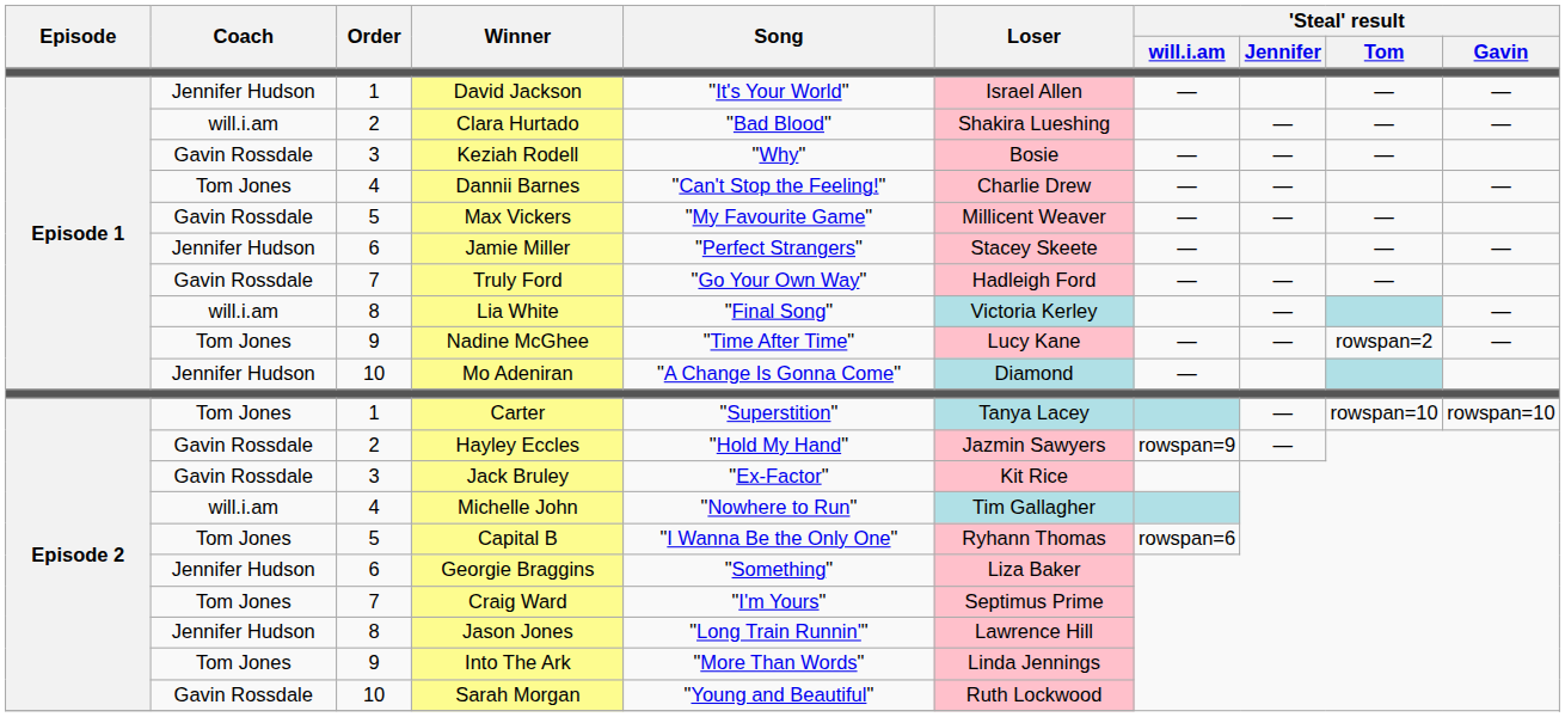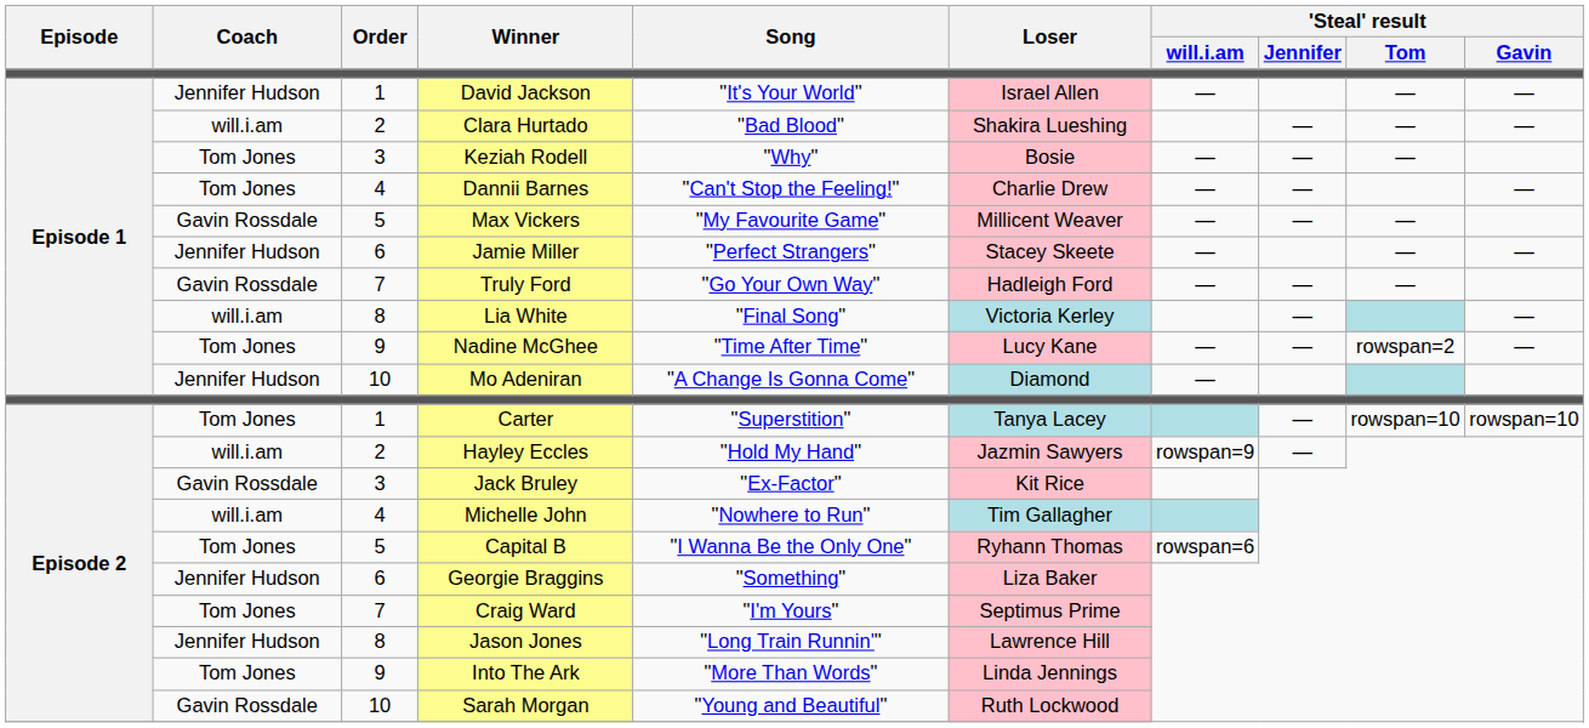 <table class="wikitable" style="text-align: center; width:100%;">
 <tr>
 <th rowspan="2" width="10%">Episode</th>
 <th rowspan="2" width="13%">Coach</th>
 <th rowspan="2" width="05%">Order</th>
 <th rowspan="2" width="15%">Winner</th>
 <th rowspan="2" width="22%">Song</th>
 <th rowspan="2" width="14%">Loser</th>
 <th colspan="4" width="20%">'Steal' result</th>
 </tr>
 <tr>
 <th style="width:05%;"><a href='#'>will.i.am</a></th>
 <th style="width:05%;"><a href='#'>Jennifer</a></th>
 <th style="width:05%;"><a href='#'>Tom</a></th>
 <th style="width:05%;"><a href='#'>Gavin</a></th>
 </tr>
 <tr>
 <td colspan="10" style="background:#555555;"></td>
 </tr>
 <tr>
 <th rowspan="10">Episode 1<br><small></small></th>
 <td>Jennifer Hudson</td>
 <td>1</td>
 <td style="background:#fdfc8f;text-align:center;">David Jackson</td>
 <td>"<a href='#'>It's Your World</a>"</td>
 <td style="background:pink;text-align:center;">Israel Allen</td>
 <td>—</td>
 <td></td>
 <td>—</td>
 <td>—</td>
 </tr>
 <tr>
 <td>will.i.am</td>
 <td>2</td>
 <td style="background:#fdfc8f;text-align:center;">Clara Hurtado</td>
 <td>"<a href='#'>Bad Blood</a>"</td>
 <td style="background:pink;text-align:center;">Shakira Lueshing</td>
 <td></td>
 <td>—</td>
 <td>—</td>
 <td>—</td>
 </tr>
 <tr>
-<td>Gavin Rossdale</td>
+<td>Tom Jones</td>
 <td>3</td>
 <td style="background:#fdfc8f;text-align:center;">Keziah Rodell</td>
 <td>"<a href='#'>Why</a>"</td>
 <td style="background:pink;text-align:center;">Bosie</td>
 <td>—</td>
 <td>—</td>
 <td>—</td>
 <td></td>
 </tr>
 <tr>
 <td>Tom Jones</td>
 <td>4</td>
 <td style="background:#fdfc8f;text-align:center;">Dannii Barnes</td>
 <td>"<a href='#'>Can't Stop the Feeling!</a>"</td>
 <td style="background:pink;text-align:center;">Charlie Drew</td>
 <td>—</td>
 <td>—</td>
 <td></td>
 <td>—</td>
 </tr>
 <tr>
 <td>Gavin Rossdale</td>
 <td>5</td>
 <td style="background:#fdfc8f;text-align:center;">Max Vickers</td>
 <td>"<a href='#'>My Favourite Game</a>"</td>
 <td style="background:pink;text-align:center;">Millicent Weaver</td>
 <td>—</td>
 <td>—</td>
 <td>—</td>
 <td></td>
 </tr>
 <tr>
 <td>Jennifer Hudson</td>
 <td>6</td>
 <td style="background:#fdfc8f;text-align:center;">Jamie Miller</td>
 <td>"<a href='#'>Perfect Strangers</a>"</td>
 <td style="background:pink;text-align:center;">Stacey Skeete</td>
 <td>—</td>
 <td></td>
 <td>—</td>
 <td>—</td>
 </tr>
 <tr>
 <td>Gavin Rossdale</td>
 <td>7</td>
 <td style="background:#fdfc8f;text-align:center;">Truly Ford</td>
 <td>"<a href='#'>Go Your Own Way</a>"</td>
 <td style="background:pink;text-align:center;">Hadleigh Ford</td>
 <td>—</td>
 <td>—</td>
 <td>—</td>
 <td></td>
 </tr>
 <tr>
 <td>will.i.am</td>
 <td>8</td>
 <td style="background:#fdfc8f;text-align:center;">Lia White</td>
 <td>"<a href='#'>Final Song</a>"</td>
 <td style="background:#b0e0e6;text-align:center;">Victoria Kerley</td>
 <td></td>
 <td>—</td>
 <td style="background:#b0e0e6;"><strong></strong></td>
 <td>—</td>
 </tr>
 <tr>
 <td>Tom Jones</td>
 <td>9</td>
 <td style="background:#fdfc8f;text-align:center;">Nadine McGhee</td>
 <td>"<a href='#'>Time After Time</a>"</td>
 <td style="background:pink;text-align:center;">Lucy Kane</td>
 <td>—</td>
 <td>—</td>
 <td>rowspan=2 </td>
 <td>—</td>
 </tr>
 <tr>
 <td>Jennifer Hudson</td>
 <td>10</td>
 <td style="background:#fdfc8f;text-align:center;">Mo Adeniran</td>
 <td>"<a href='#'>A Change Is Gonna Come</a>"</td>
 <td style="background:#b0e0e6;text-align:center;">Diamond</td>
 <td>—</td>
 <td></td>
 <td style="background:#b0e0e6;"><strong></strong></td>
 </tr>
 <tr>
 <td colspan="10" style="background:#555555;"></td>
 </tr>
 <tr>
 <th rowspan="10">Episode 2<br><small></small></th>
 <td>Tom Jones</td>
 <td>1</td>
 <td style="background:#fdfc8f;text-align:center;">Carter</td>
 <td>"<a href='#'>Superstition</a>"</td>
 <td style="background:#b0e0e6;text-align:center;">Tanya Lacey</td>
 <td style="background:#b0e0e6;"><strong></strong></td>
 <td>—</td>
 <td>rowspan=10 </td>
 <td>rowspan=10 </td>
 </tr>
 <tr>
-<td>Gavin Rossdale</td>
+<td>will.i.am</td>
 <td>2</td>
 <td style="background:#fdfc8f;text-align:center;">Hayley Eccles</td>
 <td>"<a href='#'>Hold My Hand</a>"</td>
 <td style="background:pink;text-align:center;">Jazmin Sawyers</td>
 <td>rowspan=9 </td>
 <td>—</td>
 </tr>
 <tr>
 <td>Gavin Rossdale</td>
 <td>3</td>
 <td style="background:#fdfc8f;text-align:center;">Jack Bruley</td>
 <td>"<a href='#'>Ex-Factor</a>"</td>
 <td style="background:pink;text-align:center;">Kit Rice</td>
 <td></td>
 </tr>
 <tr>
 <td>will.i.am</td>
 <td>4</td>
 <td style="background:#fdfc8f;text-align:center;">Michelle John</td>
 <td>"<a href='#'>Nowhere to Run</a>"</td>
 <td style="background:#b0e0e6;text-align:center;">Tim Gallagher</td>
 <td style="background:#b0e0e6;"><strong></strong></td>
 </tr>
 <tr>
 <td>Tom Jones</td>
 <td>5</td>
 <td style="background:#fdfc8f;text-align:center;">Capital B</td>
 <td>"<a href='#'>I Wanna Be the Only One</a>"</td>
 <td style="background:pink;text-align:center;">Ryhann Thomas</td>
 <td>rowspan=6 </td>
 </tr>
 <tr>
 <td>Jennifer Hudson</td>
 <td>6</td>
 <td style="background:#fdfc8f;text-align:center;">Georgie Braggins</td>
 <td>"<a href='#'>Something</a>"</td>
 <td style="background:pink;text-align:center;">Liza Baker</td>
 </tr>
 <tr>
 <td>Tom Jones</td>
 <td>7</td>
 <td style="background:#fdfc8f;text-align:center;">Craig Ward</td>
 <td>"<a href='#'>I'm Yours</a>"</td>
 <td style="background:pink;text-align:center;">Septimus Prime</td>
 </tr>
 <tr>
 <td>Jennifer Hudson</td>
 <td>8</td>
 <td style="background:#fdfc8f;text-align:center;">Jason Jones</td>
 <td>"<a href='#'>Long Train Runnin'</a>"</td>
 <td style="background:pink;text-align:center;">Lawrence Hill</td>
 </tr>
 <tr>
 <td>Tom Jones</td>
 <td>9</td>
 <td style="background:#fdfc8f;text-align:center;">Into The Ark</td>
 <td>"<a href='#'>More Than Words</a>"</td>
 <td style="background:pink;text-align:center;">Linda Jennings</td>
 </tr>
 <tr>
 <td>Gavin Rossdale</td>
 <td>10</td>
 <td style="background:#fdfc8f;text-align:center;">Sarah Morgan</td>
 <td>"<a href='#'>Young and Beautiful</a>"</td>
 <td style="background:pink;text-align:center;">Ruth Lockwood</td>
 </tr>
 <tr>
 </tr>
 </table>
